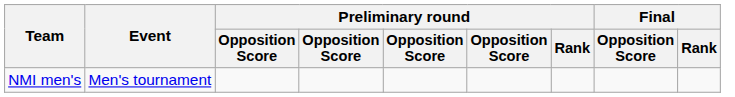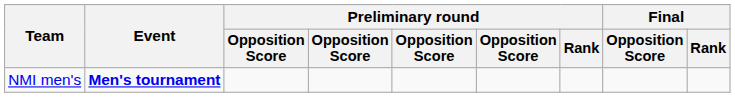 <table class=wikitable style=font-size:90%;text-align:center>
 <tr>
 <th rowspan=2>Team</th>
 <th rowspan=2>Event</th>
 <th colspan=5>Preliminary round</th>
 <th colspan=2>Final</th>
 </tr>
 <tr style=font-size:95%>
 <th>Opposition<br>Score</th>
 <th>Opposition<br>Score</th>
 <th>Opposition<br>Score</th>
 <th>Opposition<br>Score</th>
 <th>Rank</th>
 <th>Opposition<br>Score</th>
 <th>Rank</th>
 </tr>
 <tr>
 <td align=left><a href='#'>NMI men's</a></td>
-<td align=left><a href='#'>Men's tournament</a></td>
+<td align=left><strong><a href='#'>Men's tournament</a></strong></td>
 <td></td>
 <td></td>
 <td></td>
 <td></td>
 <td></td>
 <td></td>
 <td></td>
 </tr>
 </table>
